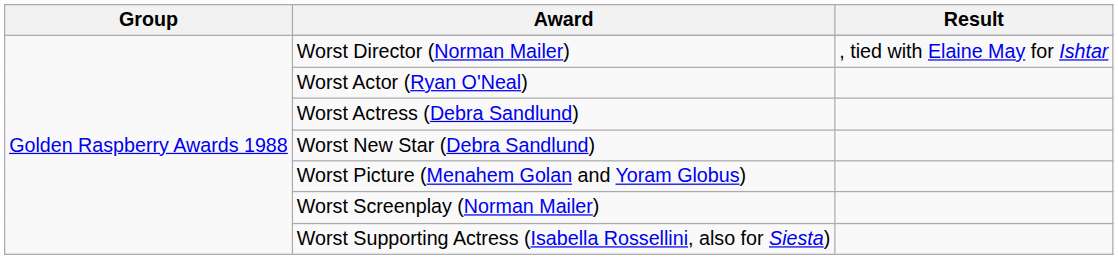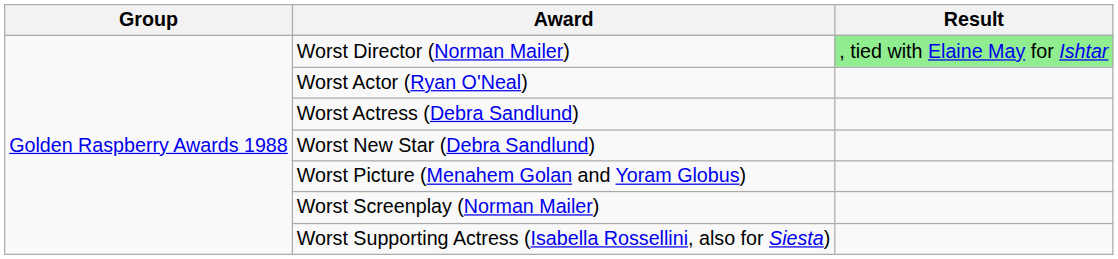 <table class="wikitable">
 <tr>
 <th>Group</th>
 <th>Award</th>
 <th>Result</th>
 </tr>
 <tr>
 <td rowspan="8"><a href='#'>Golden Raspberry Awards 1988</a></td>
 </tr>
 <tr>
 <td>Worst Director (<a href='#'>Norman Mailer</a>)</td>
-<td>, tied with <a href='#'>Elaine May</a> for <em><a href='#'>Ishtar</a></em></td>
+<td style="background: lightgreen;">, tied with <a href='#'>Elaine May</a> for <em><a href='#'>Ishtar</a></em></td>
 </tr>
 <tr>
 <td>Worst Actor (<a href='#'>Ryan O'Neal</a>)</td>
 <td></td>
 </tr>
 <tr>
 <td>Worst Actress (<a href='#'>Debra Sandlund</a>)</td>
 <td></td>
 </tr>
 <tr>
 <td>Worst New Star (<a href='#'>Debra Sandlund</a>)</td>
 <td></td>
 </tr>
 <tr>
 <td>Worst Picture (<a href='#'>Menahem Golan</a> and <a href='#'>Yoram Globus</a>)</td>
 <td></td>
 </tr>
 <tr>
 <td>Worst Screenplay (<a href='#'>Norman Mailer</a>)</td>
 <td></td>
 </tr>
 <tr>
 <td>Worst Supporting Actress (<a href='#'>Isabella Rossellini</a>, also for <em><a href='#'>Siesta</a></em>)</td>
 <td></td>
 </tr>
 </table>
